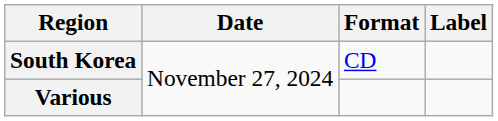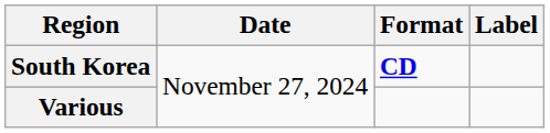 <table class="wikitable plainrowheaders">
 <tr>
 <th scope="col">Region</th>
 <th scope="col">Date</th>
 <th scope="col">Format</th>
 <th scope="col">Label</th>
 </tr>
 <tr>
 <th scope="row">South Korea</th>
 <td rowspan="2">November 27, 2024</td>
-<td><a href='#'>CD</a></td>
+<td><strong><a href='#'>CD</a></strong></td>
 <td></td>
 </tr>
 <tr>
 <th scope="row">Various</th>
 <td></td>
 <td></td>
 </tr>
 </table>
